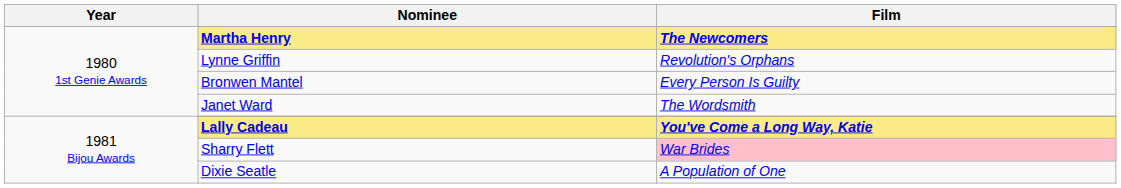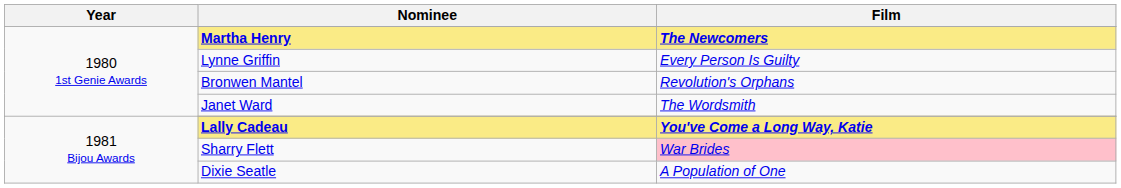 <table class="wikitable" style="width:100%;">
 <tr style="background:#bebebe;">
 <th style="width:8%;">Year</th>
 <th style="width:19%;">Nominee</th>
 <th style="width:19%;">Film</th>
 </tr>
 <tr>
 <td rowspan=5 align="center">1980<br><small><a href='#'>1st Genie Awards</a></small></td>
 </tr>
 <tr style="background:#FAEB86;">
 <td><strong><a href='#'>Martha Henry</a></strong></td>
 <td><strong><em><a href='#'>The Newcomers</a></em></strong></td>
 </tr>
 <tr>
 <td><a href='#'>Lynne Griffin</a></td>
-<td><em><a href='#'>Revolution's Orphans</a></em></td>
+<td><em><a href='#'>Every Person Is Guilty</a></em></td>
 </tr>
 <tr>
 <td><a href='#'>Bronwen Mantel</a></td>
-<td><em><a href='#'>Every Person Is Guilty</a></em></td>
+<td><em><a href='#'>Revolution's Orphans</a></em></td>
 </tr>
 <tr>
 <td><a href='#'>Janet Ward</a></td>
 <td><em><a href='#'>The Wordsmith</a></em></td>
 </tr>
 <tr>
 <td rowspan=4 align="center">1981<br><small><a href='#'>Bijou Awards</a></small></td>
 </tr>
 <tr style="background:#FAEB86;">
 <td><strong><a href='#'>Lally Cadeau</a></strong></td>
 <td><strong><em><a href='#'>You've Come a Long Way, Katie</a></em></strong></td>
 </tr>
 <tr>
 <td><a href='#'>Sharry Flett</a></td>
 <td style="background: pink;"><em><a href='#'>War Brides</a></em></td>
 </tr>
 <tr>
 <td><a href='#'>Dixie Seatle</a></td>
 <td><em><a href='#'>A Population of One</a></em></td>
 </tr>
 </table>
